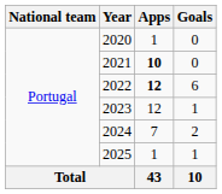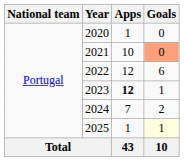 <table class="wikitable" style="text-align:center">
 <tr>
 <th>National team</th>
 <th>Year</th>
 <th>Apps</th>
 <th>Goals</th>
 </tr>
 <tr>
 <td rowspan="6"><a href='#'>Portugal</a></td>
 <td>2020</td>
 <td>1</td>
 <td>0</td>
 </tr>
 <tr>
 <td>2021</td>
-<td><strong>10</strong></td>
-<td>0</td>
+<td>10</td>
+<td style="background: lightsalmon;">0</td>
 </tr>
 <tr>
 <td>2022</td>
-<td><strong>12</strong></td>
+<td>12</td>
 <td>6</td>
 </tr>
 <tr>
 <td>2023</td>
-<td>12</td>
+<td><strong>12</strong></td>
 <td>1</td>
 </tr>
 <tr>
 <td>2024</td>
 <td>7</td>
 <td>2</td>
 </tr>
 <tr>
 <td>2025</td>
 <td>1</td>
-<td>1</td>
+<td style="background: lightyellow;">1</td>
 </tr>
 <tr>
 <th colspan="2">Total</th>
 <th>43</th>
 <th>10</th>
 </tr>
 </table>
